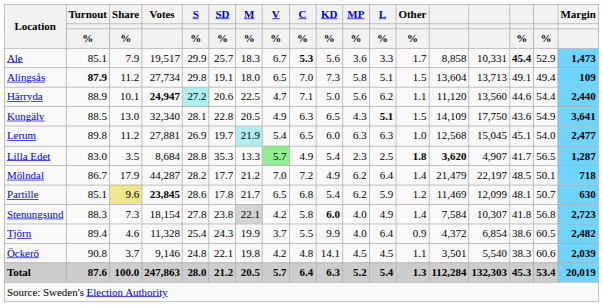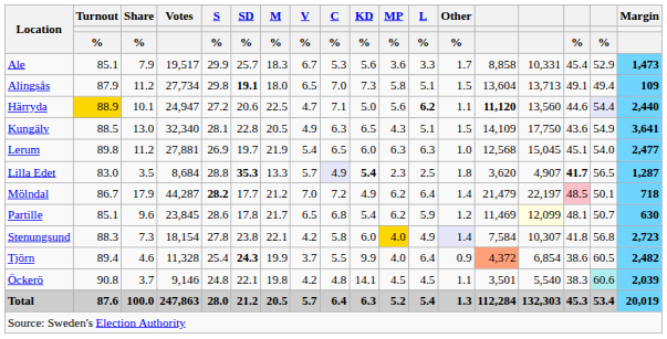 <table class="wikitable sortable" style="text-align:right; font-size:95%; line-height:20px;">
 <tr>
 <th rowspan="3">Location</th>
 <th>Turnout</th>
 <th>Share</th>
 <th>Votes</th>
 <th width="30px" class="unsortable"><a href='#'>S</a></th>
 <th width="30px" class="unsortable"><a href='#'>SD</a></th>
 <th width="30px" class="unsortable"><a href='#'>M</a></th>
 <th width="30px" class="unsortable"><a href='#'>V</a></th>
 <th width="30px" class="unsortable"><a href='#'>C</a></th>
 <th width="30px" class="unsortable"><a href='#'>KD</a></th>
 <th width="30px" class="unsortable"><a href='#'>MP</a></th>
 <th width="30px" class="unsortable"><a href='#'>L</a></th>
 <th width="30px" class="unsortable">Other</th>
 <th></th>
 <th></th>
 <th></th>
 <th></th>
 <th>Margin</th>
 </tr>
 <tr>
 <th></th>
 <th></th>
 <th></th>
 <th style="background:"></th>
 <th style="background:"></th>
 <th style="background:"></th>
 <th style="background:"></th>
 <th style="background:"></th>
 <th style="background:"></th>
 <th style="background:"></th>
 <th style="background:"></th>
 <th style="background:"></th>
 <th style="background:"></th>
 <th style="background:"></th>
 <th style="background:"></th>
 <th style="background:"></th>
 </tr>
 <tr>
 <th data-sort-type="number">%</th>
 <th data-sort-type="number">%</th>
 <th></th>
 <th data-sort-type="number">%</th>
 <th data-sort-type="number">%</th>
 <th data-sort-type="number">%</th>
 <th data-sort-type="number">%</th>
 <th data-sort-type="number">%</th>
 <th data-sort-type="number">%</th>
 <th data-sort-type="number">%</th>
 <th data-sort-type="number">%</th>
 <th data-sort-type="number">%</th>
 <th data-sort-type="number"></th>
 <th data-sort-type="number"></th>
 <th data-sort-type="number">%</th>
 <th data-sort-type="number">%</th>
 <th data-sort-type="number"></th>
 </tr>
 <tr>
 <td align="left"><a href='#'>Ale</a></td>
 <td>85.1</td>
 <td>7.9</td>
 <td>19,517</td>
 <td>29.9</td>
 <td>25.7</td>
 <td>18.3</td>
 <td>6.7</td>
-<td><strong>5.3</strong></td>
+<td>5.3</td>
 <td>5.6</td>
 <td>3.6</td>
 <td>3.3</td>
 <td>1.7</td>
 <td>8,858</td>
 <td>10,331</td>
-<td><strong>45.4</strong></td>
+<td>45.4</td>
 <td>52.9</td>
 <td bgcolor=#6fd5fe><strong>1,473</strong></td>
 </tr>
 <tr>
 <td align="left"><a href='#'>Alingsås</a></td>
-<td><strong>87.9</strong></td>
+<td>87.9</td>
 <td>11.2</td>
 <td>27,734</td>
 <td>29.8</td>
-<td>19.1</td>
+<td><strong>19.1</strong></td>
 <td>18.0</td>
 <td>6.5</td>
 <td>7.0</td>
 <td>7.3</td>
 <td>5.8</td>
 <td>5.1</td>
 <td>1.5</td>
 <td>13,604</td>
 <td>13,713</td>
 <td>49.1</td>
 <td>49.4</td>
 <td bgcolor=#6fd5fe><strong>109</strong></td>
 </tr>
 <tr>
 <td align="left"><a href='#'>Härryda</a></td>
-<td>88.9</td>
+<td style="background: gold;">88.9</td>
 <td>10.1</td>
-<td><strong>24,947</strong></td>
-<td style="background: paleturquoise;">27.2</td>
+<td>24,947</td>
+<td>27.2</td>
 <td>20.6</td>
 <td>22.5</td>
 <td>4.7</td>
 <td>7.1</td>
 <td>5.0</td>
 <td>5.6</td>
-<td>6.2</td>
+<td><strong>6.2</strong></td>
 <td>1.1</td>
-<td>11,120</td>
+<td><strong>11,120</strong></td>
 <td>13,560</td>
 <td>44.6</td>
-<td>54.4</td>
+<td style="background: lavender;">54.4</td>
 <td bgcolor=#6fd5fe><strong>2,440</strong></td>
 </tr>
 <tr>
 <td align="left"><a href='#'>Kungälv</a></td>
 <td>88.5</td>
 <td>13.0</td>
 <td>32,340</td>
 <td>28.1</td>
 <td>22.8</td>
 <td>20.5</td>
 <td>4.9</td>
 <td>6.3</td>
 <td>6.5</td>
 <td>4.3</td>
-<td><strong>5.1</strong></td>
+<td>5.1</td>
 <td>1.5</td>
 <td>14,109</td>
 <td>17,750</td>
 <td>43.6</td>
 <td>54.9</td>
 <td bgcolor=#6fd5fe><strong>3,641</strong></td>
 </tr>
 <tr>
 <td align="left"><a href='#'>Lerum</a></td>
 <td>89.8</td>
 <td>11.2</td>
 <td>27,881</td>
 <td>26.9</td>
 <td>19.7</td>
-<td style="background: paleturquoise;">21.9</td>
+<td>21.9</td>
 <td>5.4</td>
 <td>6.5</td>
 <td>6.0</td>
 <td>6.3</td>
 <td>6.3</td>
 <td>1.0</td>
 <td>12,568</td>
 <td>15,045</td>
 <td>45.1</td>
 <td>54.0</td>
 <td bgcolor=#6fd5fe><strong>2,477</strong></td>
 </tr>
 <tr>
 <td align="left"><a href='#'>Lilla Edet</a></td>
 <td>83.0</td>
 <td>3.5</td>
 <td>8,684</td>
 <td>28.8</td>
-<td>35.3</td>
+<td><strong>35.3</strong></td>
 <td>13.3</td>
-<td style="background: lightgreen;">5.7</td>
-<td>4.9</td>
-<td>5.4</td>
+<td>5.7</td>
+<td style="background: lavender;">4.9</td>
+<td><strong>5.4</strong></td>
 <td>2.3</td>
 <td>2.5</td>
-<td><strong>1.8</strong></td>
-<td><strong>3,620</strong></td>
+<td>1.8</td>
+<td>3,620</td>
 <td>4,907</td>
-<td>41.7</td>
+<td><strong>41.7</strong></td>
 <td>56.5</td>
 <td bgcolor=#6fd5fe><strong>1,287</strong></td>
 </tr>
 <tr>
 <td align="left"><a href='#'>Mölndal</a></td>
 <td>86.7</td>
 <td>17.9</td>
 <td>44,287</td>
-<td>28.2</td>
+<td><strong>28.2</strong></td>
 <td>17.7</td>
 <td>21.2</td>
 <td>7.0</td>
 <td>7.2</td>
 <td>4.9</td>
 <td>6.2</td>
 <td>6.4</td>
 <td>1.4</td>
 <td>21,479</td>
 <td>22,197</td>
-<td>48.5</td>
+<td style="background: pink;">48.5</td>
 <td>50.1</td>
 <td bgcolor=#6fd5fe><strong>718</strong></td>
 </tr>
 <tr>
 <td align="left"><a href='#'>Partille</a></td>
 <td>85.1</td>
-<td style="background: khaki;">9.6</td>
-<td><strong>23,845</strong></td>
+<td>9.6</td>
+<td>23,845</td>
 <td>28.6</td>
 <td>17.8</td>
 <td>21.7</td>
 <td>6.5</td>
 <td>6.8</td>
 <td>5.4</td>
 <td>6.2</td>
 <td>5.9</td>
 <td>1.2</td>
 <td>11,469</td>
-<td>12,099</td>
+<td style="background: lightyellow;">12,099</td>
 <td>48.1</td>
 <td>50.7</td>
 <td bgcolor=#6fd5fe><strong>630</strong></td>
 </tr>
 <tr>
 <td align="left"><a href='#'>Stenungsund</a></td>
 <td>88.3</td>
 <td>7.3</td>
 <td>18,154</td>
 <td>27.8</td>
 <td>23.8</td>
-<td style="background: lightgrey;">22.1</td>
+<td>22.1</td>
 <td>4.2</td>
 <td>5.8</td>
-<td><strong>6.0</strong></td>
-<td>4.0</td>
+<td>6.0</td>
+<td style="background: gold;">4.0</td>
 <td>4.9</td>
-<td>1.4</td>
+<td style="background: lavender;">1.4</td>
 <td>7,584</td>
 <td>10,307</td>
 <td>41.8</td>
 <td>56.8</td>
 <td bgcolor=#6fd5fe><strong>2,723</strong></td>
 </tr>
 <tr>
 <td align="left"><a href='#'>Tjörn</a></td>
 <td>89.4</td>
 <td>4.6</td>
 <td>11,328</td>
 <td>25.4</td>
-<td>24.3</td>
+<td><strong>24.3</strong></td>
 <td>19.9</td>
 <td>3.7</td>
 <td>5.5</td>
 <td>9.9</td>
 <td>4.0</td>
 <td>6.4</td>
 <td>0.9</td>
-<td>4,372</td>
+<td style="background: lightsalmon;">4,372</td>
 <td>6,854</td>
 <td>38.6</td>
 <td>60.5</td>
 <td bgcolor=#6fd5fe><strong>2,482</strong></td>
 </tr>
 <tr>
 <td align="left"><a href='#'>Öckerö</a></td>
 <td>90.8</td>
 <td>3.7</td>
 <td>9,146</td>
 <td>24.8</td>
 <td>22.1</td>
 <td>19.8</td>
 <td>4.2</td>
 <td>4.8</td>
 <td>14.1</td>
 <td>4.5</td>
 <td>4.5</td>
 <td>1.1</td>
 <td>3,501</td>
 <td>5,540</td>
 <td>38.3</td>
-<td>60.6</td>
+<td style="background: paleturquoise;">60.6</td>
 <td bgcolor=#6fd5fe><strong>2,039</strong></td>
 </tr>
 <tr style="background:#CDCDCD;">
 <td align="left"><strong>Total</strong></td>
 <td><strong>87.6</strong></td>
 <td><strong>100.0</strong></td>
 <td><strong>247,863</strong></td>
 <td><strong>28.0</strong></td>
 <td><strong>21.2</strong></td>
 <td><strong>20.5</strong></td>
 <td><strong>5.7</strong></td>
 <td><strong>6.4</strong></td>
 <td><strong>6.3</strong></td>
 <td><strong>5.2</strong></td>
 <td><strong>5.4</strong></td>
 <td><strong>1.3</strong></td>
 <td><strong>112,284</strong></td>
 <td><strong>132,303</strong></td>
 <td><strong>45.3</strong></td>
 <td><strong>53.4</strong></td>
 <td bgcolor=#6fd5fe><strong>20,019</strong></td>
 </tr>
 <tr>
 <td colspan="18" align="left">Source: Sweden's <a href='#'>Election Authority</a></td>
 </tr>
 </table>
